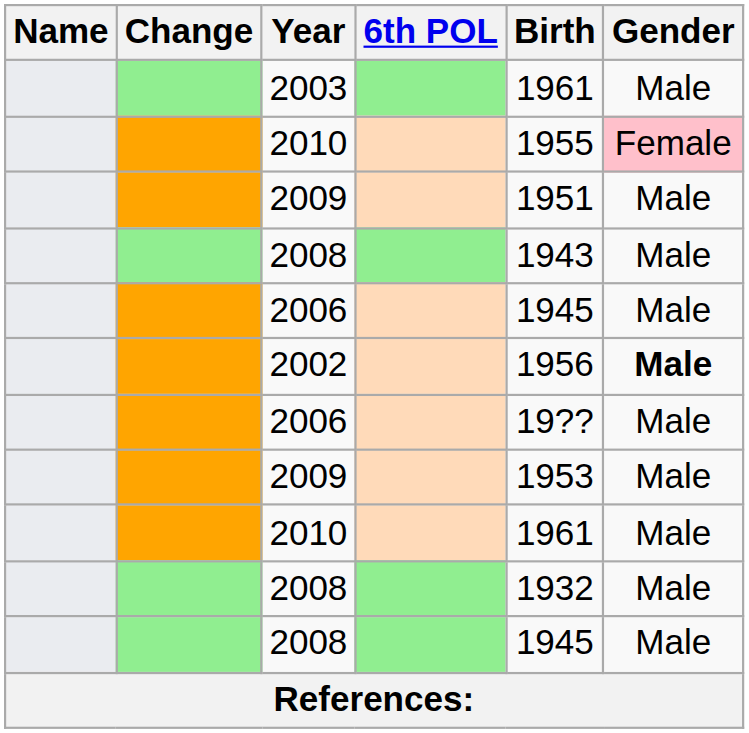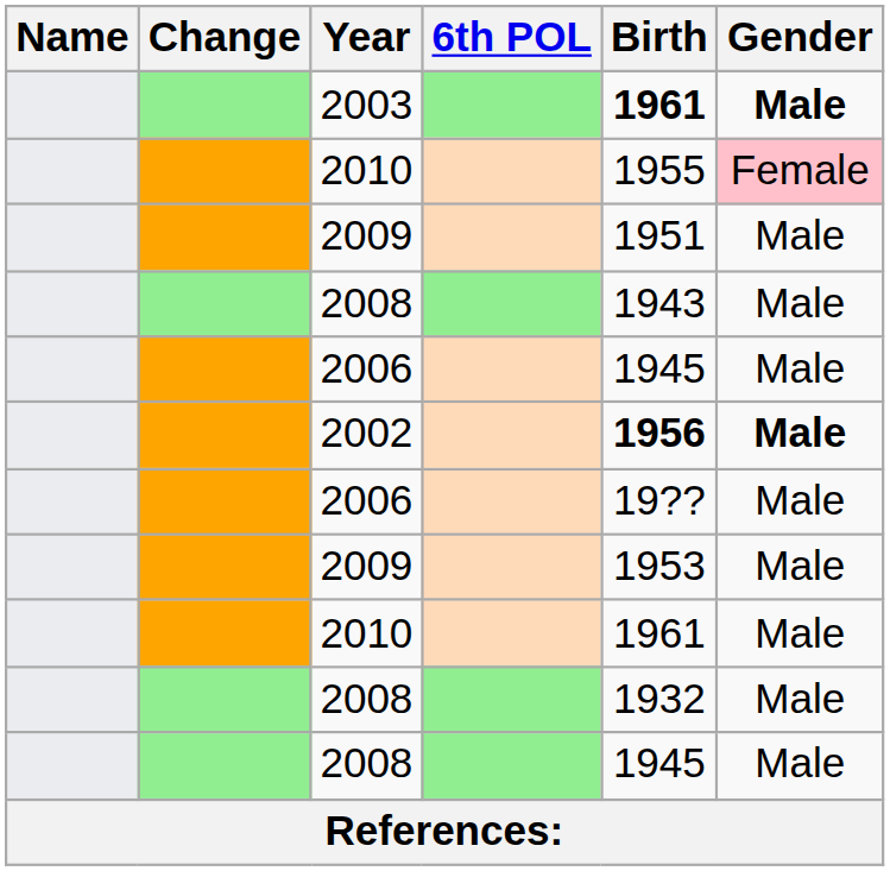 <table class="wikitable sortable" style=text-align:center>
 <tr>
 <th>Name</th>
 <th unsortable>Change</th>
 <th unsortable>Year</th>
 <th unsortable><a href='#'>6th POL</a></th>
 <th>Birth</th>
 <th>Gender</th>
 </tr>
 <tr>
 <td bgcolor = #EAECF0></td>
 <td bgcolor = LightGreen></td>
 <td>2003</td>
 <td bgcolor = LightGreen></td>
-<td>1961</td>
-<td>Male</td>
+<td><strong>1961</strong></td>
+<td><strong>Male</strong></td>
 </tr>
 <tr>
 <td bgcolor = #EAECF0></td>
 <td bgcolor = Orange></td>
 <td>2010</td>
 <td bgcolor = PeachPuff></td>
 <td>1955</td>
 <td bgcolor = Pink>Female</td>
 </tr>
 <tr>
 <td bgcolor = #EAECF0></td>
 <td bgcolor = Orange></td>
 <td>2009</td>
 <td bgcolor = PeachPuff></td>
 <td>1951</td>
 <td>Male</td>
 </tr>
 <tr>
 <td bgcolor = #EAECF0></td>
 <td bgcolor = LightGreen></td>
 <td>2008</td>
 <td bgcolor = LightGreen></td>
 <td>1943</td>
 <td>Male</td>
 </tr>
 <tr>
 <td bgcolor = #EAECF0></td>
 <td bgcolor = Orange></td>
 <td>2006</td>
 <td bgcolor = PeachPuff></td>
 <td>1945</td>
 <td>Male</td>
 </tr>
 <tr>
 <td bgcolor = #EAECF0></td>
 <td bgcolor = Orange></td>
 <td>2002</td>
 <td bgcolor = PeachPuff></td>
-<td>1956</td>
+<td><strong>1956</strong></td>
 <td><strong>Male</strong></td>
 </tr>
 <tr>
 <td bgcolor = #EAECF0></td>
 <td bgcolor = Orange></td>
 <td>2006</td>
 <td bgcolor = PeachPuff></td>
 <td>19??</td>
 <td>Male</td>
 </tr>
 <tr>
 <td bgcolor = #EAECF0></td>
 <td bgcolor = Orange></td>
 <td>2009</td>
 <td bgcolor = PeachPuff></td>
 <td>1953</td>
 <td>Male</td>
 </tr>
 <tr>
 <td bgcolor = #EAECF0></td>
 <td bgcolor = Orange></td>
 <td>2010</td>
 <td bgcolor = PeachPuff></td>
 <td>1961</td>
 <td>Male</td>
 </tr>
 <tr>
 <td bgcolor = #EAECF0></td>
 <td bgcolor = LightGreen></td>
 <td>2008</td>
 <td bgcolor = LightGreen></td>
 <td>1932</td>
 <td>Male</td>
 </tr>
 <tr>
 <td bgcolor = #EAECF0></td>
 <td bgcolor = LightGreen></td>
 <td>2008</td>
 <td bgcolor = LightGreen></td>
 <td>1945</td>
 <td>Male</td>
 </tr>
 <tr class=sortbottom>
 <th colspan = "7" align = left><strong>References:</strong><br></th>
 </tr>
 </table>
